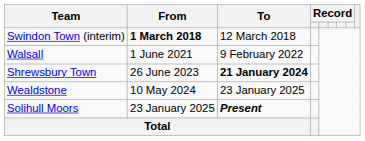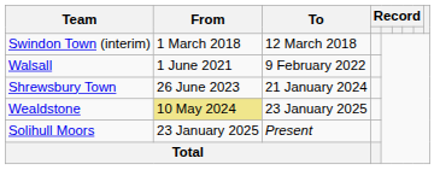 <table class=wikitable style="text-align: center">
 <tr>
 <th rowspan=2>Team</th>
 <th rowspan=2>From</th>
 <th rowspan=2>To</th>
 <th colspan=5>Record</th>
 <th rowspan=2></th>
 </tr>
 <tr>
 <th></th>
 <th></th>
 <th></th>
 <th></th>
 <th></th>
 </tr>
 <tr>
 <td align=left><a href='#'>Swindon Town</a> (interim)</td>
-<td align=left><strong>1 March 2018</strong></td>
+<td align=left>1 March 2018</td>
 <td align=left>12 March 2018<br></td>
 <td></td>
 </tr>
 <tr>
 <td align=left><a href='#'>Walsall</a></td>
 <td align=left>1 June 2021</td>
 <td align=left>9 February 2022<br></td>
 <td></td>
 </tr>
 <tr>
 <td align=left><a href='#'>Shrewsbury Town</a></td>
 <td align=left>26 June 2023</td>
-<td align=left><strong>21 January 2024<br></strong></td>
+<td align=left>21 January 2024<br></td>
 <td></td>
 </tr>
 <tr>
 <td align=left><a href='#'>Wealdstone</a></td>
-<td align=left>10 May 2024</td>
+<td align=left style="background: khaki;">10 May 2024</td>
 <td align=left>23 January 2025<br></td>
 <td></td>
 </tr>
 <tr>
 <td align=left><a href='#'>Solihull Moors</a></td>
 <td align=left>23 January 2025</td>
-<td align=left><strong><em>Present</em><br></strong></td>
+<td align=left><em>Present</em><br></td>
 <td></td>
 </tr>
 <tr>
 <th colspan=3>Total<br></th>
 <th></th>
 </tr>
 </table>
